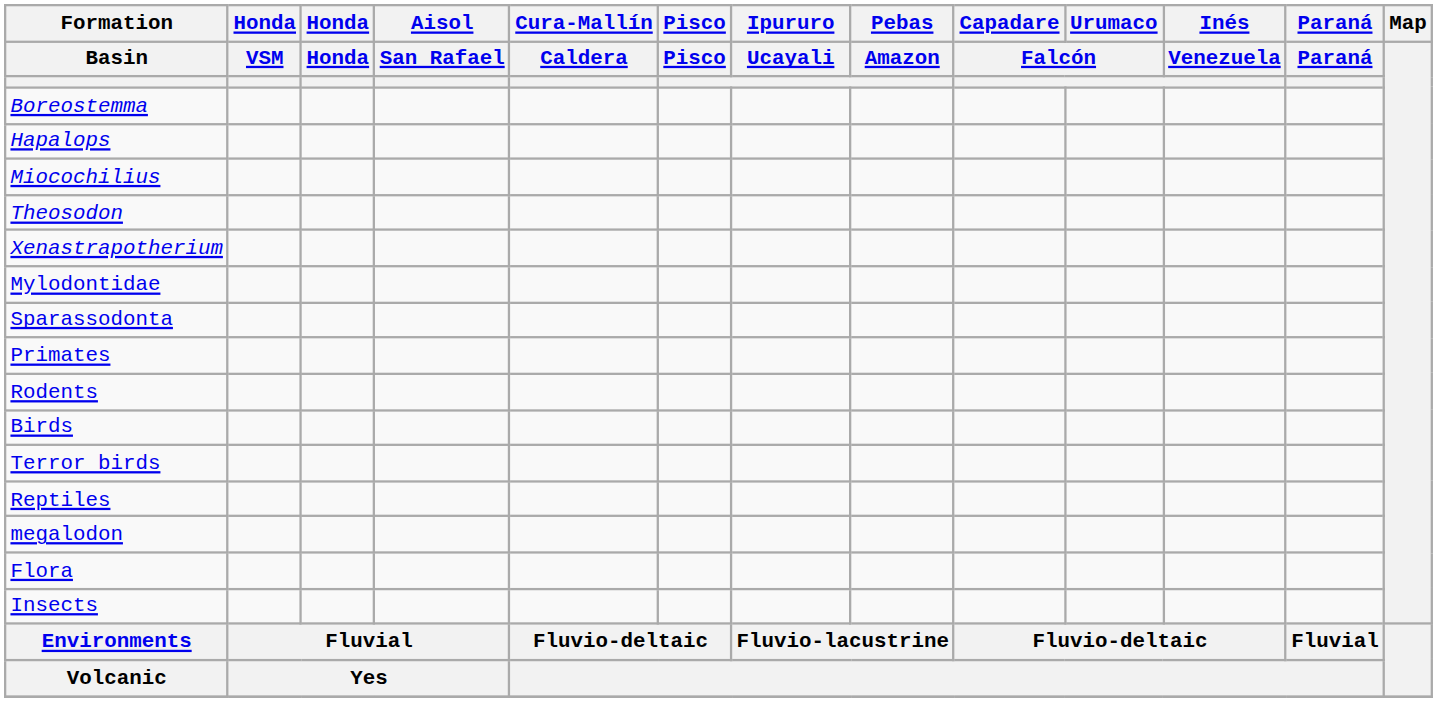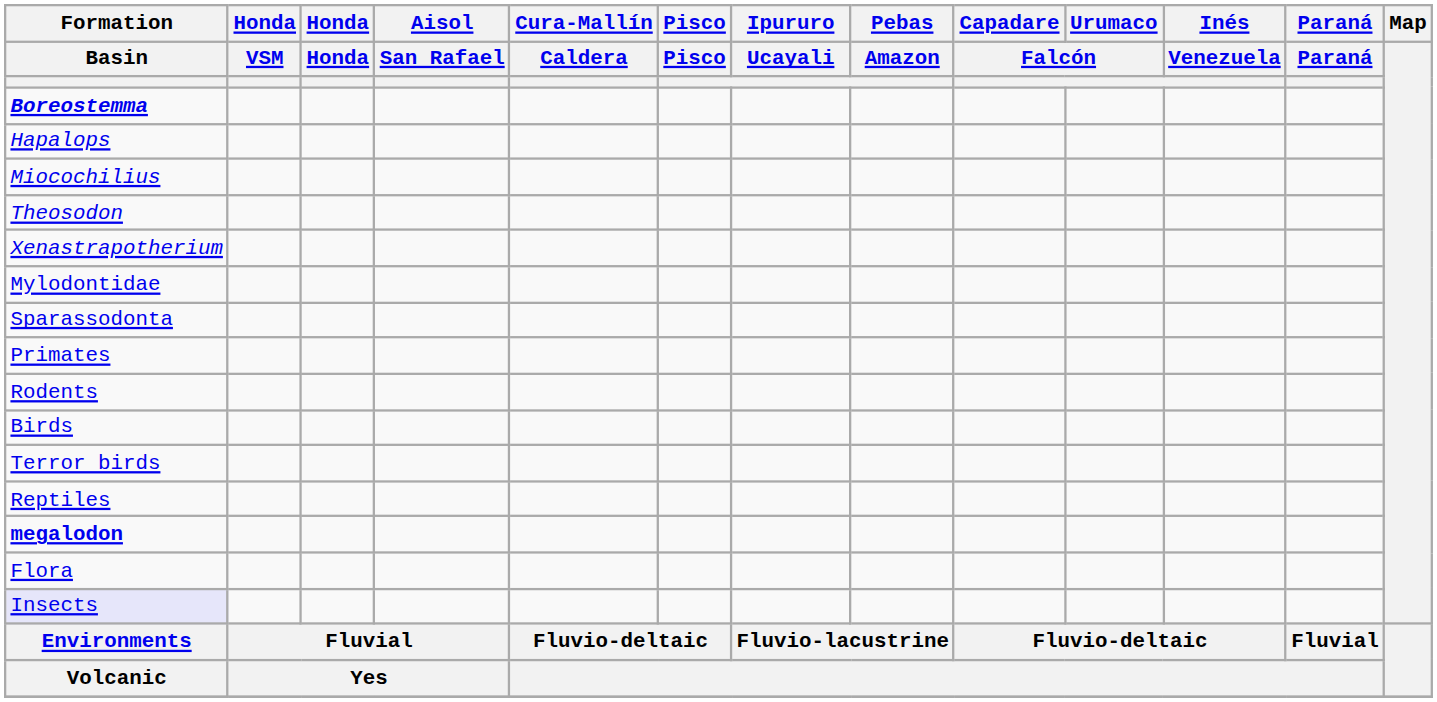 <table class="wikitable" style="font-size: 70%">
 <tr>
 <th>Formation</th>
 <th><a href='#'>Honda</a></th>
 <th><a href='#'>Honda</a></th>
 <th><a href='#'>Aisol</a></th>
 <th><a href='#'>Cura-Mallín</a></th>
 <th><a href='#'>Pisco</a></th>
 <th><a href='#'>Ipururo</a></th>
 <th><a href='#'>Pebas</a></th>
 <th><a href='#'>Capadare</a></th>
 <th><a href='#'>Urumaco</a></th>
 <th><a href='#'>Inés</a></th>
 <th><a href='#'>Paraná</a></th>
 <th>Map</th>
 </tr>
 <tr>
 <th>Basin</th>
 <th><a href='#'>VSM</a></th>
 <th><a href='#'>Honda</a></th>
 <th><a href='#'>San Rafael</a></th>
 <th><a href='#'>Caldera</a></th>
 <th><a href='#'>Pisco</a></th>
 <th><a href='#'>Ucayali</a></th>
 <th><a href='#'>Amazon</a></th>
 <th colspan=2><a href='#'>Falcón</a></th>
 <th><a href='#'>Venezuela</a></th>
 <th><a href='#'>Paraná</a></th>
 <th align=center rowspan=17></th>
 </tr>
 <tr>
 <th></th>
 <th></th>
 <th></th>
 <th></th>
 <th></th>
 <th colspan=3></th>
 <th colspan=3></th>
 <th></th>
 </tr>
 <tr>
-<td><em><a href='#'>Boreostemma</a></em></td>
+<td><strong><em><a href='#'>Boreostemma</a></em></strong></td>
 <td align=center></td>
 <td align=center></td>
 <td align=center></td>
 <td align=center></td>
 <td align=center></td>
 <td align=center></td>
 <td align=center></td>
 <td align=center></td>
 <td align=center></td>
 <td align=center></td>
 <td></td>
 </tr>
 <tr>
 <td><em><a href='#'>Hapalops</a></em></td>
 <td align=center></td>
 <td align=center></td>
 <td align=center></td>
 <td align=center></td>
 <td align=center></td>
 <td align=center></td>
 <td align=center></td>
 <td align=center></td>
 <td align=center></td>
 <td align=center></td>
 <td></td>
 </tr>
 <tr>
 <td><em><a href='#'>Miocochilius</a></em></td>
 <td align=center></td>
 <td align=center></td>
 <td align=center></td>
 <td align=center></td>
 <td align=center></td>
 <td align=center></td>
 <td align=center></td>
 <td align=center></td>
 <td align=center></td>
 <td align=center></td>
 <td></td>
 </tr>
 <tr>
 <td><em><a href='#'>Theosodon</a></em></td>
 <td align=center></td>
 <td align=center></td>
 <td align=center></td>
 <td align=center></td>
 <td align=center></td>
 <td align=center></td>
 <td align=center></td>
 <td align=center></td>
 <td align=center></td>
 <td align=center></td>
 <td></td>
 </tr>
 <tr>
 <td><em><a href='#'>Xenastrapotherium</a></em></td>
 <td align=center></td>
 <td align=center></td>
 <td align=center></td>
 <td align=center></td>
 <td align=center></td>
 <td align=center></td>
 <td align=center></td>
 <td align=center></td>
 <td align=center></td>
 <td align=center></td>
 <td></td>
 </tr>
 <tr>
 <td><a href='#'>Mylodontidae</a></td>
 <td align=center></td>
 <td align=center></td>
 <td align=center></td>
 <td align=center></td>
 <td align=center></td>
 <td align=center></td>
 <td align=center></td>
 <td align=center></td>
 <td align=center></td>
 <td align=center></td>
 <td></td>
 </tr>
 <tr>
 <td><a href='#'>Sparassodonta</a></td>
 <td align=center></td>
 <td align=center></td>
 <td align=center></td>
 <td align=center></td>
 <td align=center></td>
 <td align=center></td>
 <td align=center></td>
 <td align=center></td>
 <td align=center></td>
 <td align=center></td>
 <td></td>
 </tr>
 <tr>
 <td><a href='#'>Primates</a></td>
 <td align=center></td>
 <td align=center></td>
 <td align=center></td>
 <td align=center></td>
 <td align=center></td>
 <td align=center></td>
 <td align=center></td>
 <td align=center></td>
 <td align=center></td>
 <td align=center></td>
 <td align=center></td>
 </tr>
 <tr>
 <td><a href='#'>Rodents</a></td>
 <td align=center></td>
 <td align=center></td>
 <td align=center></td>
 <td align=center></td>
 <td align=center></td>
 <td align=center></td>
 <td align=center></td>
 <td align=center></td>
 <td align=center></td>
 <td align=center></td>
 <td align=center></td>
 </tr>
 <tr>
 <td><a href='#'>Birds</a></td>
 <td align=center></td>
 <td align=center></td>
 <td align=center></td>
 <td align=center></td>
 <td align=center></td>
 <td align=center></td>
 <td align=center></td>
 <td align=center></td>
 <td align=center></td>
 <td align=center></td>
 <td></td>
 </tr>
 <tr>
 <td><a href='#'>Terror birds</a></td>
 <td align=center></td>
 <td align=center></td>
 <td align=center></td>
 <td align=center></td>
 <td align=center></td>
 <td align=center></td>
 <td align=center></td>
 <td align=center></td>
 <td align=center></td>
 <td align=center></td>
 <td align=center></td>
 </tr>
 <tr>
 <td><a href='#'>Reptiles</a></td>
 <td align=center></td>
 <td align=center></td>
 <td align=center></td>
 <td align=center></td>
 <td align=center></td>
 <td align=center></td>
 <td align=center></td>
 <td align=center></td>
 <td align=center></td>
 <td align=center></td>
 <td align=center></td>
 </tr>
 <tr>
-<td><a href='#'>megalodon</a></td>
+<td><strong><a href='#'>megalodon</a></strong></td>
 <td align=center></td>
 <td align=center></td>
 <td align=center></td>
 <td align=center></td>
 <td align=center></td>
 <td align=center></td>
 <td align=center></td>
 <td align=center></td>
 <td align=center></td>
 <td align=center></td>
 <td align=center></td>
 </tr>
 <tr>
 <td><a href='#'>Flora</a></td>
 <td align=center></td>
 <td align=center></td>
 <td align=center></td>
 <td align=center></td>
 <td align=center></td>
 <td align=center></td>
 <td align=center></td>
 <td align=center></td>
 <td align=center></td>
 <td align=center></td>
 <td align=center></td>
 </tr>
 <tr>
-<td><a href='#'>Insects</a></td>
+<td style="background: lavender;"><a href='#'>Insects</a></td>
 <td align=center></td>
 <td align=center></td>
 <td align=center></td>
 <td align=center></td>
 <td align=center></td>
 <td align=center></td>
 <td align=center></td>
 <td align=center></td>
 <td align=center></td>
 <td align=center></td>
 <td align=center></td>
 </tr>
 <tr>
 <th><a href='#'>Environments</a></th>
 <th colspan=3>Fluvial</th>
 <th colspan=2>Fluvio-deltaic</th>
 <th colspan=2>Fluvio-lacustrine</th>
 <th colspan=3>Fluvio-deltaic</th>
 <th>Fluvial</th>
 <th rowspan=2 align=left><br><br></th>
 </tr>
 <tr>
 <th>Volcanic</th>
 <th colspan=3>Yes</th>
 <th colspan=8></th>
 </tr>
 <tr>
 </tr>
 </table>
